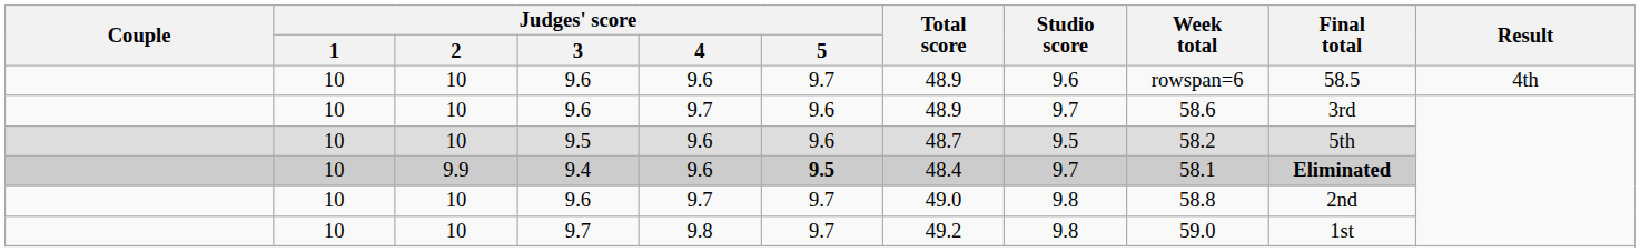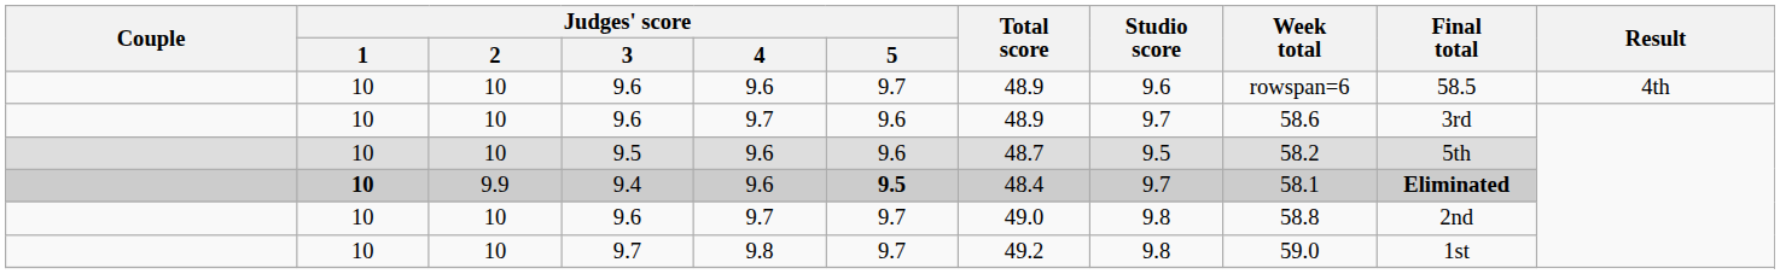 <table class="wikitable" style="font-size:100%; line-height:16px; text-align:center" width="100%">
 <tr>
 <th rowspan=2 width="11.00%">Couple</th>
 <th colspan=5 width="25.00%">Judges' score</th>
 <th rowspan=2 width="05.00%">Total<br>score</th>
 <th rowspan=2 width="05.00%">Studio<br>score</th>
 <th rowspan=2 width="05.00%">Week<br>total</th>
 <th rowspan=2 width="05.00%">Final<br>total</th>
 <th rowspan=2 width="09.00%">Result</th>
 </tr>
 <tr>
 <th width="05%">1</th>
 <th width="05%">2</th>
 <th width="05%">3</th>
 <th width="05%">4</th>
 <th width="05%">5</th>
 </tr>
 <tr>
 <td></td>
 <td>10</td>
 <td>10</td>
 <td>9.6</td>
 <td>9.6</td>
 <td>9.7</td>
 <td>48.9</td>
 <td>9.6</td>
 <td>rowspan=6 </td>
 <td>58.5</td>
 <td>4th</td>
 </tr>
 <tr>
 <td></td>
 <td>10</td>
 <td>10</td>
 <td>9.6</td>
 <td>9.7</td>
 <td>9.6</td>
 <td>48.9</td>
 <td>9.7</td>
 <td>58.6</td>
 <td>3rd</td>
 </tr>
 <tr bgcolor="DDDDDD">
 <td></td>
 <td>10</td>
 <td>10</td>
 <td>9.5</td>
 <td>9.6</td>
 <td>9.6</td>
 <td>48.7</td>
 <td>9.5</td>
 <td>58.2</td>
 <td>5th</td>
 </tr>
 <tr bgcolor=CCCCCC>
 <td></td>
-<td>10</td>
+<td><strong>10</strong></td>
 <td>9.9</td>
 <td>9.4</td>
 <td>9.6</td>
 <td><strong>9.5</strong></td>
 <td>48.4</td>
 <td>9.7</td>
 <td>58.1</td>
 <td><strong>Eliminated</strong></td>
 </tr>
 <tr>
 <td></td>
 <td>10</td>
 <td>10</td>
 <td>9.6</td>
 <td>9.7</td>
 <td>9.7</td>
 <td>49.0</td>
 <td>9.8</td>
 <td>58.8</td>
 <td>2nd</td>
 </tr>
 <tr>
 <td></td>
 <td>10</td>
 <td>10</td>
 <td>9.7</td>
 <td>9.8</td>
 <td>9.7</td>
 <td>49.2</td>
 <td>9.8</td>
 <td>59.0</td>
 <td>1st</td>
 </tr>
 <tr>
 </tr>
 </table>
